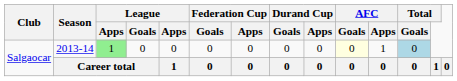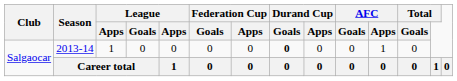 <table class="wikitable" style="text-align: center;">
 <tr>
 <th rowspan="2">Club</th>
 <th rowspan="2">Season</th>
 <th colspan="3">League</th>
 <th colspan="2">Federation Cup</th>
 <th colspan="2">Durand Cup</th>
 <th colspan="2"><a href='#'>AFC</a></th>
 <th colspan="2">Total</th>
 </tr>
 <tr>
 <th>Apps</th>
 <th>Goals</th>
 <th>Apps</th>
 <th>Goals</th>
 <th>Apps</th>
 <th>Goals</th>
 <th>Apps</th>
 <th>Goals</th>
 <th>Apps</th>
 <th>Goals</th>
 </tr>
 <tr>
 <td rowspan="2"><a href='#'>Salgaocar</a></td>
 <td><a href='#'>2013-14</a></td>
-<td style="background: lightgreen;">1</td>
+<td>1</td>
 <td>0</td>
 <td>0</td>
 <td>0</td>
 <td>0</td>
+<td><strong>0</strong></td>
 <td>0</td>
 <td>0</td>
-<td style="background: lightyellow;">0</td>
 <td>1</td>
-<td style="background: lightblue;">0</td>
+<td>0</td>
 </tr>
 <tr>
 <th colspan="3">Career total</th>
 <th>1</th>
 <th>0</th>
 <th>0</th>
 <th>0</th>
 <th>0</th>
 <th>0</th>
 <th>0</th>
 <th>0</th>
 <th>1</th>
 <th>0</th>
 </tr>
 </table>
